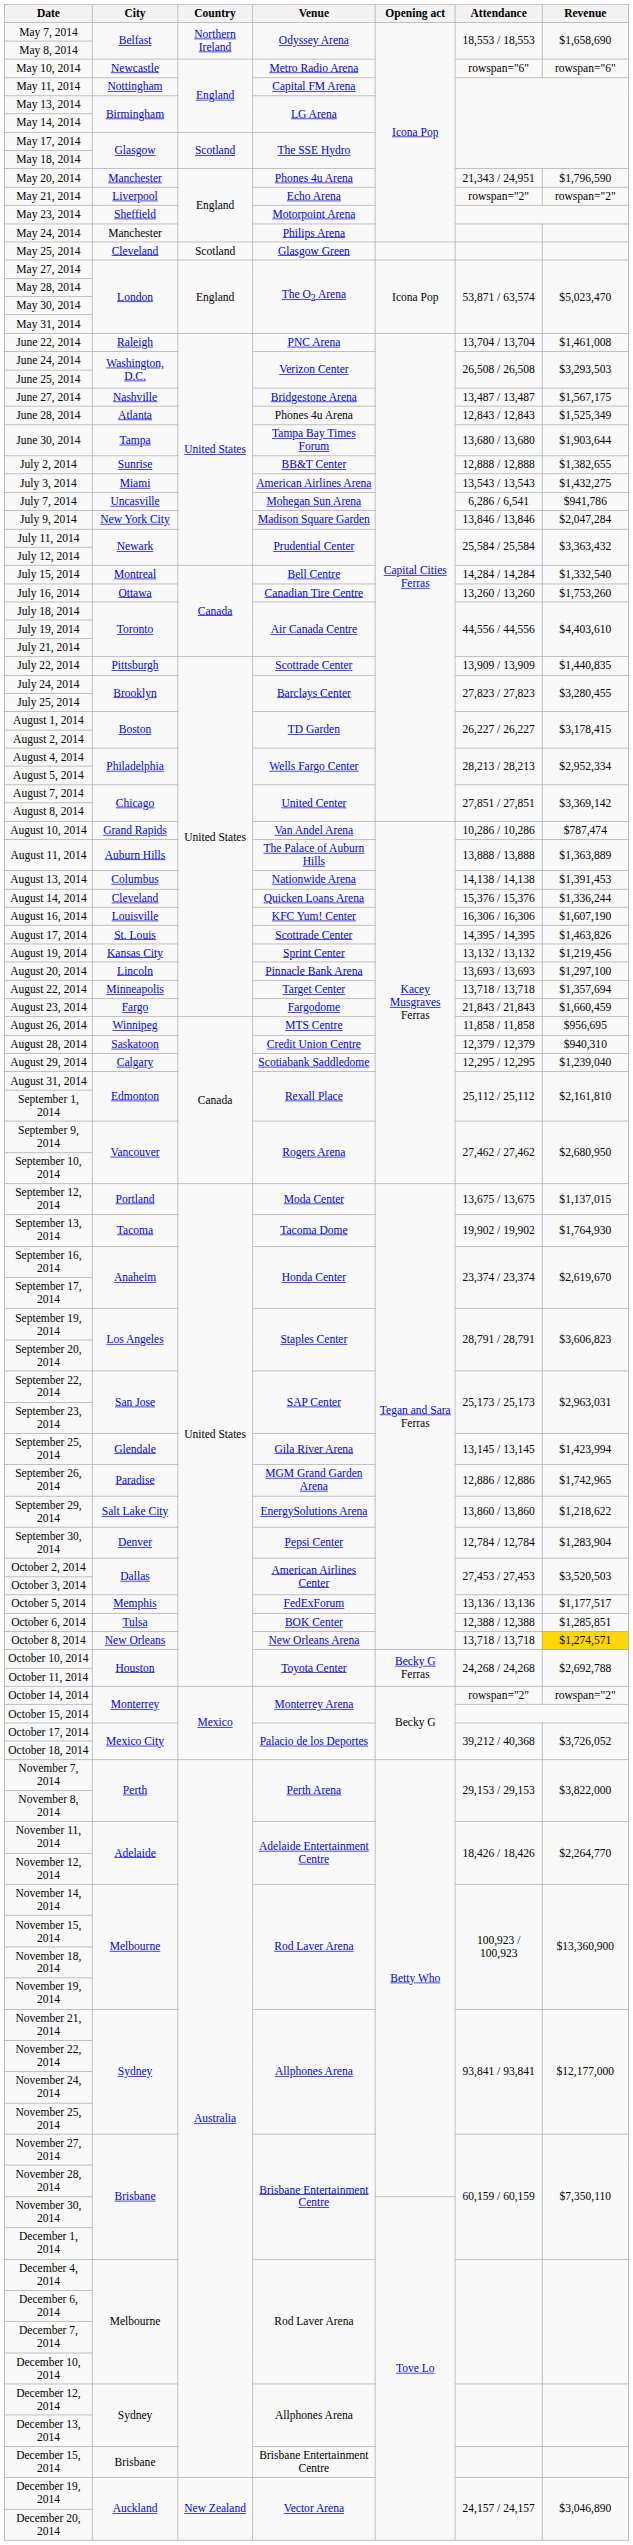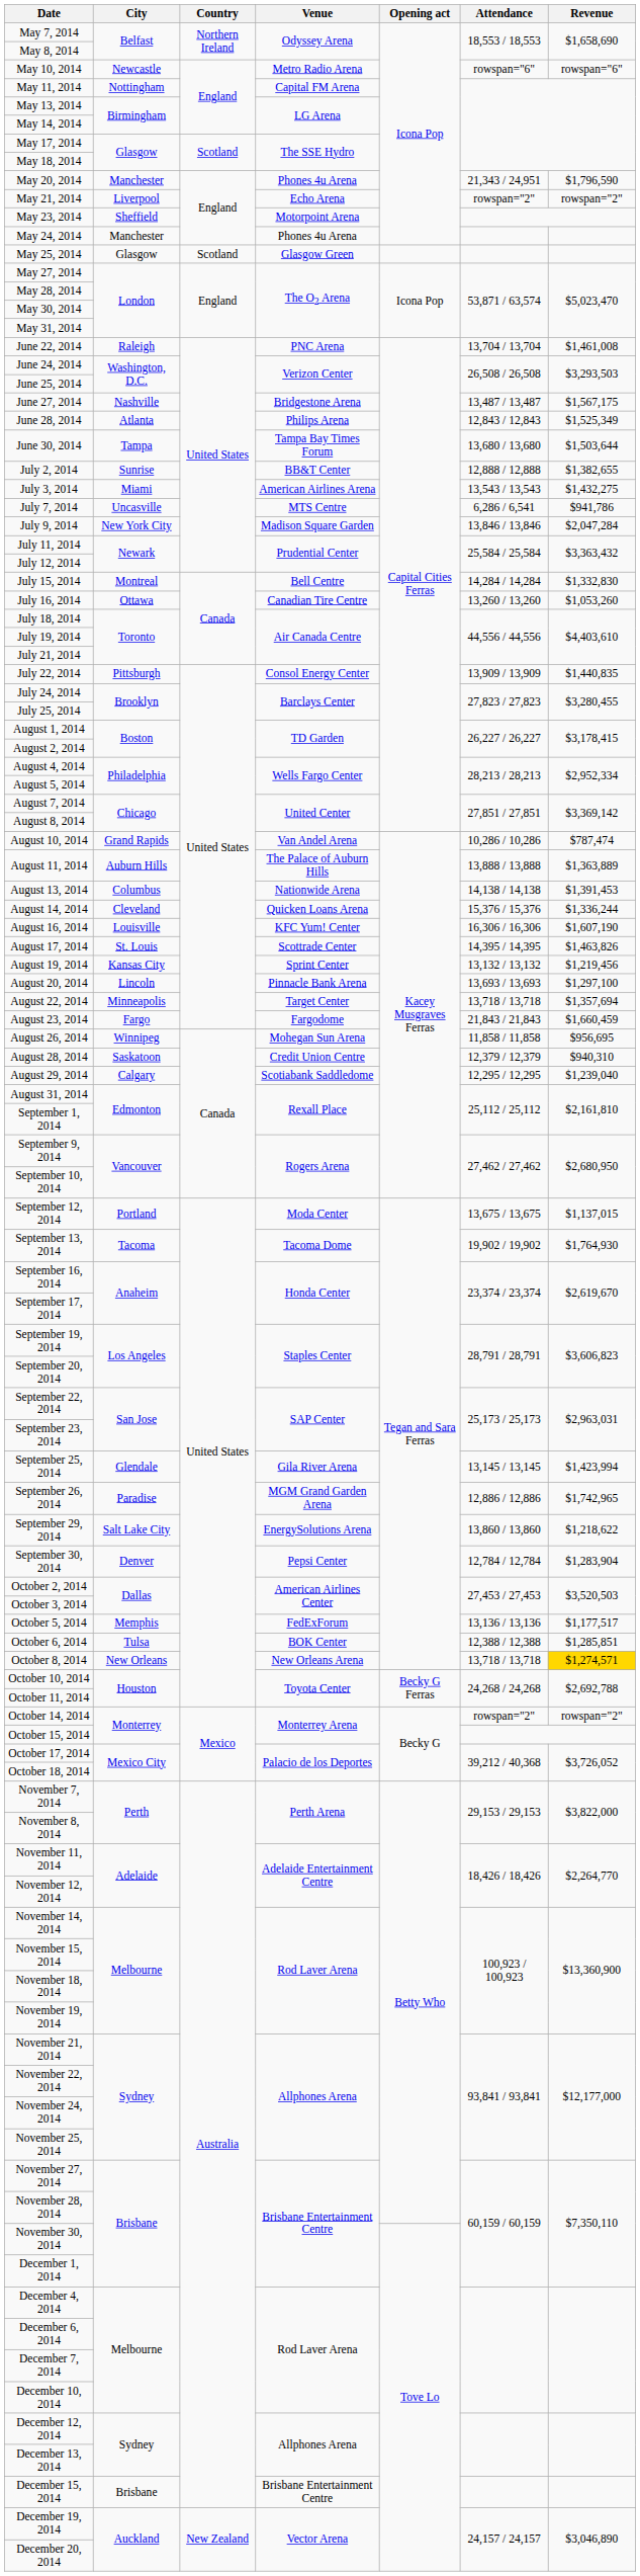 <table class="wikitable" style="text-align:center;">
 <tr>
 <th scope="col" style="width:12em;">Date</th>
 <th scope="col" style="width:10em;">City</th>
 <th scope="col" style="width:10em;">Country</th>
 <th scope="col" style="width:16em;">Venue</th>
 <th scope="col" style="width:10em;">Opening act</th>
 <th scope="col" style="width:10em;">Attendance</th>
 <th scope="col" style="width:10em;">Revenue</th>
 </tr>
 <tr>
 <td>May 7, 2014</td>
 <td rowspan="2"><a href='#'>Belfast</a></td>
 <td rowspan="2"><a href='#'>Northern Ireland</a></td>
 <td rowspan="2"><a href='#'>Odyssey Arena</a></td>
 <td rowspan="12"><a href='#'>Icona Pop</a></td>
 <td rowspan="2">18,553 / 18,553</td>
 <td rowspan="2">$1,658,690</td>
 </tr>
 <tr>
 <td>May 8, 2014</td>
 </tr>
 <tr>
 <td>May 10, 2014</td>
 <td><a href='#'>Newcastle</a></td>
 <td rowspan="4"><a href='#'>England</a></td>
 <td><a href='#'>Metro Radio Arena</a></td>
 <td>rowspan="6" </td>
 <td>rowspan="6" </td>
 </tr>
 <tr>
 <td>May 11, 2014</td>
 <td><a href='#'>Nottingham</a></td>
 <td><a href='#'>Capital FM Arena</a></td>
 </tr>
 <tr>
 <td>May 13, 2014</td>
 <td rowspan="2"><a href='#'>Birmingham</a></td>
 <td rowspan="2"><a href='#'>LG Arena</a></td>
 </tr>
 <tr>
 <td>May 14, 2014</td>
 </tr>
 <tr>
 <td>May 17, 2014</td>
 <td rowspan="2"><a href='#'>Glasgow</a></td>
 <td rowspan="2"><a href='#'>Scotland</a></td>
 <td rowspan="2"><a href='#'>The SSE Hydro</a></td>
 </tr>
 <tr>
 <td>May 18, 2014</td>
 </tr>
 <tr>
 <td>May 20, 2014</td>
 <td><a href='#'>Manchester</a></td>
 <td rowspan="4">England</td>
 <td><a href='#'>Phones 4u Arena</a></td>
 <td>21,343 / 24,951</td>
 <td>$1,796,590</td>
 </tr>
 <tr>
 <td>May 21, 2014</td>
 <td><a href='#'>Liverpool</a></td>
 <td><a href='#'>Echo Arena</a></td>
 <td>rowspan="2" </td>
 <td>rowspan="2" </td>
 </tr>
 <tr>
 <td>May 23, 2014</td>
 <td><a href='#'>Sheffield</a></td>
 <td><a href='#'>Motorpoint Arena</a></td>
 </tr>
 <tr>
 <td>May 24, 2014</td>
 <td>Manchester</td>
-<td><a href='#'>Philips Arena</a></td>
+<td>Phones 4u Arena</td>
 <td></td>
 <td></td>
 </tr>
 <tr>
 <td>May 25, 2014</td>
-<td><a href='#'>Cleveland</a></td>
+<td>Glasgow</td>
 <td>Scotland</td>
 <td><a href='#'>Glasgow Green</a></td>
 <td></td>
 <td></td>
 <td></td>
 </tr>
 <tr>
 <td>May 27, 2014</td>
 <td rowspan="4"><a href='#'>London</a></td>
 <td rowspan="4">England</td>
 <td rowspan="4"><a href='#'>The O<sub>2</sub> Arena</a></td>
 <td rowspan="4">Icona Pop</td>
 <td rowspan="4">53,871 / 63,574</td>
 <td rowspan="4">$5,023,470</td>
 </tr>
 <tr>
 <td>May 28, 2014</td>
 </tr>
 <tr>
 <td>May 30, 2014</td>
 </tr>
 <tr>
 <td>May 31, 2014</td>
 </tr>
 <tr>
 <td>June 22, 2014</td>
 <td><a href='#'>Raleigh</a></td>
 <td rowspan="12"><a href='#'>United States</a></td>
 <td><a href='#'>PNC Arena</a></td>
 <td rowspan="26"><a href='#'>Capital Cities</a><br><a href='#'>Ferras</a></td>
 <td>13,704 / 13,704</td>
 <td>$1,461,008</td>
 </tr>
 <tr>
 <td>June 24, 2014</td>
 <td rowspan="2"><a href='#'>Washington, D.C.</a></td>
 <td rowspan="2"><a href='#'>Verizon Center</a></td>
 <td rowspan="2">26,508 / 26,508</td>
 <td rowspan="2">$3,293,503</td>
 </tr>
 <tr>
 <td>June 25, 2014</td>
 </tr>
 <tr>
 <td>June 27, 2014</td>
 <td><a href='#'>Nashville</a></td>
 <td><a href='#'>Bridgestone Arena</a></td>
 <td>13,487 / 13,487</td>
 <td>$1,567,175</td>
 </tr>
 <tr>
 <td>June 28, 2014</td>
 <td><a href='#'>Atlanta</a></td>
-<td>Phones 4u Arena</td>
+<td><a href='#'>Philips Arena</a></td>
 <td>12,843 / 12,843</td>
 <td>$1,525,349</td>
 </tr>
 <tr>
 <td>June 30, 2014</td>
 <td><a href='#'>Tampa</a></td>
 <td><a href='#'>Tampa Bay Times Forum</a></td>
 <td>13,680 / 13,680</td>
-<td>$1,903,644</td>
+<td>$1,503,644</td>
 </tr>
 <tr>
 <td>July 2, 2014</td>
 <td><a href='#'>Sunrise</a></td>
 <td><a href='#'>BB&T Center</a></td>
 <td>12,888 / 12,888</td>
 <td>$1,382,655</td>
 </tr>
 <tr>
 <td>July 3, 2014</td>
 <td><a href='#'>Miami</a></td>
 <td><a href='#'>American Airlines Arena</a></td>
 <td>13,543 / 13,543</td>
 <td>$1,432,275</td>
 </tr>
 <tr>
 <td>July 7, 2014</td>
 <td><a href='#'>Uncasville</a></td>
-<td><a href='#'>Mohegan Sun Arena</a></td>
+<td><a href='#'>MTS Centre</a></td>
 <td>6,286 / 6,541</td>
 <td>$941,786</td>
 </tr>
 <tr>
 <td>July 9, 2014</td>
 <td><a href='#'>New York City</a></td>
 <td><a href='#'>Madison Square Garden</a></td>
 <td>13,846 / 13,846</td>
 <td>$2,047,284</td>
 </tr>
 <tr>
 <td>July 11, 2014</td>
 <td rowspan="2"><a href='#'>Newark</a></td>
 <td rowspan="2"><a href='#'>Prudential Center</a></td>
 <td rowspan="2">25,584 / 25,584</td>
 <td rowspan="2">$3,363,432</td>
 </tr>
 <tr>
 <td>July 12, 2014</td>
 </tr>
 <tr>
 <td>July 15, 2014</td>
 <td><a href='#'>Montreal</a></td>
 <td rowspan="5"><a href='#'>Canada</a></td>
 <td><a href='#'>Bell Centre</a></td>
 <td>14,284 / 14,284</td>
-<td>$1,332,540</td>
+<td>$1,332,830</td>
 </tr>
 <tr>
 <td>July 16, 2014</td>
 <td><a href='#'>Ottawa</a></td>
 <td><a href='#'>Canadian Tire Centre</a></td>
 <td>13,260 / 13,260</td>
-<td>$1,753,260</td>
+<td>$1,053,260</td>
 </tr>
 <tr>
 <td>July 18, 2014</td>
 <td rowspan="3"><a href='#'>Toronto</a></td>
 <td rowspan="3"><a href='#'>Air Canada Centre</a></td>
 <td rowspan="3">44,556 / 44,556</td>
 <td rowspan="3">$4,403,610</td>
 </tr>
 <tr>
 <td>July 19, 2014</td>
 </tr>
 <tr>
 <td>July 21, 2014</td>
 </tr>
 <tr>
 <td>July 22, 2014</td>
 <td><a href='#'>Pittsburgh</a></td>
 <td rowspan="19">United States</td>
-<td><a href='#'>Scottrade Center</a></td>
+<td><a href='#'>Consol Energy Center</a></td>
 <td>13,909 / 13,909</td>
 <td>$1,440,835</td>
 </tr>
 <tr>
 <td>July 24, 2014</td>
 <td rowspan="2"><a href='#'>Brooklyn</a></td>
 <td rowspan="2"><a href='#'>Barclays Center</a></td>
 <td rowspan="2">27,823 / 27,823</td>
 <td rowspan="2">$3,280,455</td>
 </tr>
 <tr>
 <td>July 25, 2014</td>
 </tr>
 <tr>
 <td>August 1, 2014</td>
 <td rowspan="2"><a href='#'>Boston</a></td>
 <td rowspan="2"><a href='#'>TD Garden</a></td>
 <td rowspan="2">26,227 / 26,227</td>
 <td rowspan="2">$3,178,415</td>
 </tr>
 <tr>
 <td>August 2, 2014</td>
 </tr>
 <tr>
 <td>August 4, 2014</td>
 <td rowspan="2"><a href='#'>Philadelphia</a></td>
 <td rowspan="2"><a href='#'>Wells Fargo Center</a></td>
 <td rowspan="2">28,213 / 28,213</td>
 <td rowspan="2">$2,952,334</td>
 </tr>
 <tr>
 <td>August 5, 2014</td>
 </tr>
 <tr>
 <td>August 7, 2014</td>
 <td rowspan="2"><a href='#'>Chicago</a></td>
 <td rowspan="2"><a href='#'>United Center</a></td>
 <td rowspan="2">27,851 / 27,851</td>
 <td rowspan="2">$3,369,142</td>
 </tr>
 <tr>
 <td>August 8, 2014</td>
 </tr>
 <tr>
 <td>August 10, 2014</td>
 <td><a href='#'>Grand Rapids</a></td>
 <td><a href='#'>Van Andel Arena</a></td>
 <td rowspan="17"><a href='#'>Kacey Musgraves</a><br>Ferras</td>
 <td>10,286 / 10,286</td>
 <td>$787,474</td>
 </tr>
 <tr>
 <td>August 11, 2014</td>
 <td><a href='#'>Auburn Hills</a></td>
 <td><a href='#'>The Palace of Auburn Hills</a></td>
 <td>13,888 / 13,888</td>
 <td>$1,363,889</td>
 </tr>
 <tr>
 <td>August 13, 2014</td>
 <td><a href='#'>Columbus</a></td>
 <td><a href='#'>Nationwide Arena</a></td>
 <td>14,138 / 14,138</td>
 <td>$1,391,453</td>
 </tr>
 <tr>
 <td>August 14, 2014</td>
 <td><a href='#'>Cleveland</a></td>
 <td><a href='#'>Quicken Loans Arena</a></td>
 <td>15,376 / 15,376</td>
 <td>$1,336,244</td>
 </tr>
 <tr>
 <td>August 16, 2014</td>
 <td><a href='#'>Louisville</a></td>
 <td><a href='#'>KFC Yum! Center</a></td>
 <td>16,306 / 16,306</td>
 <td>$1,607,190</td>
 </tr>
 <tr>
 <td>August 17, 2014</td>
 <td><a href='#'>St. Louis</a></td>
 <td><a href='#'>Scottrade Center</a></td>
 <td>14,395 / 14,395</td>
 <td>$1,463,826</td>
 </tr>
 <tr>
 <td>August 19, 2014</td>
 <td><a href='#'>Kansas City</a></td>
 <td><a href='#'>Sprint Center</a></td>
 <td>13,132 / 13,132</td>
 <td>$1,219,456</td>
 </tr>
 <tr>
 <td>August 20, 2014</td>
 <td><a href='#'>Lincoln</a></td>
 <td><a href='#'>Pinnacle Bank Arena</a></td>
 <td>13,693 / 13,693</td>
 <td>$1,297,100</td>
 </tr>
 <tr>
 <td>August 22, 2014</td>
 <td><a href='#'>Minneapolis</a></td>
 <td><a href='#'>Target Center</a></td>
 <td>13,718 / 13,718</td>
 <td>$1,357,694</td>
 </tr>
 <tr>
 <td>August 23, 2014</td>
 <td><a href='#'>Fargo</a></td>
 <td><a href='#'>Fargodome</a></td>
 <td>21,843 / 21,843</td>
 <td>$1,660,459</td>
 </tr>
 <tr>
 <td>August 26, 2014</td>
 <td><a href='#'>Winnipeg</a></td>
 <td rowspan="7">Canada</td>
-<td><a href='#'>MTS Centre</a></td>
+<td><a href='#'>Mohegan Sun Arena</a></td>
 <td>11,858 / 11,858</td>
 <td>$956,695</td>
 </tr>
 <tr>
 <td>August 28, 2014</td>
 <td><a href='#'>Saskatoon</a></td>
 <td><a href='#'>Credit Union Centre</a></td>
 <td>12,379 / 12,379</td>
 <td>$940,310</td>
 </tr>
 <tr>
 <td>August 29, 2014</td>
 <td><a href='#'>Calgary</a></td>
 <td><a href='#'>Scotiabank Saddledome</a></td>
 <td>12,295 / 12,295</td>
 <td>$1,239,040</td>
 </tr>
 <tr>
 <td>August 31, 2014</td>
 <td rowspan="2"><a href='#'>Edmonton</a></td>
 <td rowspan="2"><a href='#'>Rexall Place</a></td>
 <td rowspan="2">25,112 / 25,112</td>
 <td rowspan="2">$2,161,810</td>
 </tr>
 <tr>
 <td>September 1, 2014</td>
 </tr>
 <tr>
 <td>September 9, 2014</td>
 <td rowspan="2"><a href='#'>Vancouver</a></td>
 <td rowspan="2"><a href='#'>Rogers Arena</a></td>
 <td rowspan="2">27,462 / 27,462</td>
 <td rowspan="2">$2,680,950</td>
 </tr>
 <tr>
 <td>September 10, 2014</td>
 </tr>
 <tr>
 <td>September 12, 2014</td>
 <td><a href='#'>Portland</a></td>
 <td rowspan="19">United States</td>
 <td><a href='#'>Moda Center</a></td>
 <td rowspan="17"><a href='#'>Tegan and Sara</a><br>Ferras</td>
 <td>13,675 / 13,675</td>
 <td>$1,137,015</td>
 </tr>
 <tr>
 <td>September 13, 2014</td>
 <td><a href='#'>Tacoma</a></td>
 <td><a href='#'>Tacoma Dome</a></td>
 <td>19,902 / 19,902</td>
 <td>$1,764,930</td>
 </tr>
 <tr>
 <td>September 16, 2014</td>
 <td rowspan="2"><a href='#'>Anaheim</a></td>
 <td rowspan="2"><a href='#'>Honda Center</a></td>
 <td rowspan="2">23,374 / 23,374</td>
 <td rowspan="2">$2,619,670</td>
 </tr>
 <tr>
 <td>September 17, 2014</td>
 </tr>
 <tr>
 <td>September 19, 2014</td>
 <td rowspan="2"><a href='#'>Los Angeles</a></td>
 <td rowspan="2"><a href='#'>Staples Center</a></td>
 <td rowspan="2">28,791 / 28,791</td>
 <td rowspan="2">$3,606,823</td>
 </tr>
 <tr>
 <td>September 20, 2014</td>
 </tr>
 <tr>
 <td>September 22, 2014</td>
 <td rowspan="2"><a href='#'>San Jose</a></td>
 <td rowspan="2"><a href='#'>SAP Center</a></td>
 <td rowspan="2">25,173 / 25,173</td>
 <td rowspan="2">$2,963,031</td>
 </tr>
 <tr>
 <td>September 23, 2014</td>
 </tr>
 <tr>
 <td>September 25, 2014</td>
 <td><a href='#'>Glendale</a></td>
 <td><a href='#'>Gila River Arena</a></td>
 <td>13,145 / 13,145</td>
 <td>$1,423,994</td>
 </tr>
 <tr>
 <td>September 26, 2014</td>
 <td><a href='#'>Paradise</a></td>
 <td><a href='#'>MGM Grand Garden Arena</a></td>
 <td>12,886 / 12,886</td>
 <td>$1,742,965</td>
 </tr>
 <tr>
 <td>September 29, 2014</td>
 <td><a href='#'>Salt Lake City</a></td>
 <td><a href='#'>EnergySolutions Arena</a></td>
 <td>13,860 / 13,860</td>
 <td>$1,218,622</td>
 </tr>
 <tr>
 <td>September 30, 2014</td>
 <td><a href='#'>Denver</a></td>
 <td><a href='#'>Pepsi Center</a></td>
 <td>12,784 / 12,784</td>
 <td>$1,283,904</td>
 </tr>
 <tr>
 <td>October 2, 2014</td>
 <td rowspan="2"><a href='#'>Dallas</a></td>
 <td rowspan="2"><a href='#'>American Airlines Center</a></td>
 <td rowspan="2">27,453 / 27,453</td>
 <td rowspan="2">$3,520,503</td>
 </tr>
 <tr>
 <td>October 3, 2014</td>
 </tr>
 <tr>
 <td>October 5, 2014</td>
 <td><a href='#'>Memphis</a></td>
 <td><a href='#'>FedExForum</a></td>
 <td>13,136 / 13,136</td>
 <td>$1,177,517</td>
 </tr>
 <tr>
 <td>October 6, 2014</td>
 <td><a href='#'>Tulsa</a></td>
 <td><a href='#'>BOK Center</a></td>
 <td>12,388 / 12,388</td>
 <td>$1,285,851</td>
 </tr>
 <tr>
 <td>October 8, 2014</td>
 <td><a href='#'>New Orleans</a></td>
 <td><a href='#'>New Orleans Arena</a></td>
 <td>13,718 / 13,718</td>
 <td style="background: gold;">$1,274,571</td>
 </tr>
 <tr>
 <td>October 10, 2014</td>
 <td rowspan="2"><a href='#'>Houston</a></td>
 <td rowspan="2"><a href='#'>Toyota Center</a></td>
 <td rowspan="2"><a href='#'>Becky G</a><br>Ferras</td>
 <td rowspan="2">24,268 / 24,268</td>
 <td rowspan="2">$2,692,788</td>
 </tr>
 <tr>
 <td>October 11, 2014</td>
 </tr>
 <tr>
 <td>October 14, 2014</td>
 <td rowspan="2"><a href='#'>Monterrey</a></td>
 <td rowspan="4"><a href='#'>Mexico</a></td>
 <td rowspan="2"><a href='#'>Monterrey Arena</a></td>
 <td rowspan="4">Becky G</td>
 <td>rowspan="2" </td>
 <td>rowspan="2" </td>
 </tr>
 <tr>
 <td>October 15, 2014</td>
 </tr>
 <tr>
 <td>October 17, 2014</td>
 <td rowspan="2"><a href='#'>Mexico City</a></td>
 <td rowspan="2"><a href='#'>Palacio de los Deportes</a></td>
 <td rowspan="2">39,212 / 40,368</td>
 <td rowspan="2">$3,726,052</td>
 </tr>
 <tr>
 <td>October 18, 2014</td>
 </tr>
 <tr>
 <td>November 7, 2014</td>
 <td rowspan="2"><a href='#'>Perth</a></td>
 <td rowspan="23"><a href='#'>Australia</a></td>
 <td rowspan="2"><a href='#'>Perth Arena</a></td>
 <td rowspan="14"><a href='#'>Betty Who</a></td>
 <td rowspan="2">29,153 / 29,153</td>
 <td rowspan="2">$3,822,000</td>
 </tr>
 <tr>
 <td>November 8, 2014</td>
 </tr>
 <tr>
 <td>November 11, 2014</td>
 <td rowspan="2"><a href='#'>Adelaide</a></td>
 <td rowspan="2"><a href='#'>Adelaide Entertainment Centre</a></td>
 <td rowspan="2">18,426 / 18,426</td>
 <td rowspan="2">$2,264,770</td>
 </tr>
 <tr>
 <td>November 12, 2014</td>
 </tr>
 <tr>
 <td>November 14, 2014</td>
 <td rowspan="4"><a href='#'>Melbourne</a></td>
 <td rowspan="4"><a href='#'>Rod Laver Arena</a></td>
 <td rowspan="4">100,923 / 100,923</td>
 <td rowspan="4">$13,360,900</td>
 </tr>
 <tr>
 <td>November 15, 2014</td>
 </tr>
 <tr>
 <td>November 18, 2014</td>
 </tr>
 <tr>
 <td>November 19, 2014</td>
 </tr>
 <tr>
 <td>November 21, 2014</td>
 <td rowspan="4"><a href='#'>Sydney</a></td>
 <td rowspan="4"><a href='#'>Allphones Arena</a></td>
 <td rowspan="4">93,841 / 93,841</td>
 <td rowspan="4">$12,177,000</td>
 </tr>
 <tr>
 <td>November 22, 2014</td>
 </tr>
 <tr>
 <td>November 24, 2014</td>
 </tr>
 <tr>
 <td>November 25, 2014</td>
 </tr>
 <tr>
 <td>November 27, 2014</td>
 <td rowspan="4"><a href='#'>Brisbane</a></td>
 <td rowspan="4"><a href='#'>Brisbane Entertainment Centre</a></td>
 <td rowspan="4">60,159 / 60,159</td>
 <td rowspan="4">$7,350,110</td>
 </tr>
 <tr>
 <td>November 28, 2014</td>
 </tr>
 <tr>
 <td>November 30, 2014</td>
 <td rowspan="11"><a href='#'>Tove Lo</a></td>
 </tr>
 <tr>
 <td>December 1, 2014</td>
 </tr>
 <tr>
 <td>December 4, 2014</td>
 <td rowspan="4">Melbourne</td>
 <td rowspan="4">Rod Laver Arena</td>
 <td rowspan="4"></td>
 <td rowspan="4"></td>
 </tr>
 <tr>
 <td>December 6, 2014</td>
 </tr>
 <tr>
 <td>December 7, 2014</td>
 </tr>
 <tr>
 <td>December 10, 2014</td>
 </tr>
 <tr>
 <td>December 12, 2014</td>
 <td rowspan="2">Sydney</td>
 <td rowspan="2">Allphones Arena</td>
 <td rowspan="2"></td>
 <td rowspan="2"></td>
 </tr>
 <tr>
 <td>December 13, 2014</td>
 </tr>
 <tr>
 <td>December 15, 2014</td>
 <td>Brisbane</td>
 <td>Brisbane Entertainment Centre</td>
 <td></td>
 <td></td>
 </tr>
 <tr>
 <td>December 19, 2014</td>
 <td rowspan="2"><a href='#'>Auckland</a></td>
 <td rowspan="2"><a href='#'>New Zealand</a></td>
 <td rowspan="2"><a href='#'>Vector Arena</a></td>
 <td rowspan="2">24,157 / 24,157</td>
 <td rowspan="2">$3,046,890</td>
 </tr>
 <tr>
 <td>December 20, 2014</td>
 </tr>
 </table>
